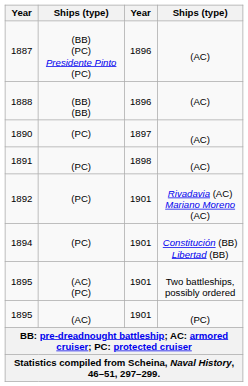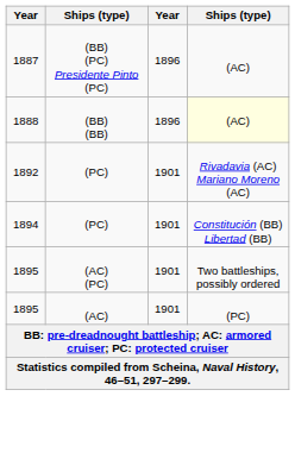 <table class="wikitable plainrowheaders floatright" align="right" style="text-align: center; width:36%; font-size:80%; border:1px solid darkgray;" border="1">
 <tr>
 <th scope="row" style="width:12%;"><div><strong>Year</strong></div></th>
 <th scope="row" style="width:31%;"><div><strong>Ships (type)</strong></div></th>
 <th scope="row" style="width:12%;"><div><strong>Year</strong></div></th>
 <th scope="row" style="width:31%;"><div><strong>Ships (type)</strong></div></th>
 </tr>
 <tr>
 <td>1887 </td>
 <td><br> (BB)<br>  (PC)<br> <a href='#'><em>Presidente Pinto</em></a> (PC)<br></td>
 <td>1896 </td>
 <td><br> (AC)<br></td>
 </tr>
 <tr>
 <td>1888 </td>
 <td><br> (BB)<br>  (BB)</td>
 <td>1896 </td>
-<td> (AC)</td>
-</tr>
-<tr>
-<td>1890 </td>
-<td> (PC)</td>
-<td>1897 </td>
-<td><br> (AC)</td>
-</tr>
-<tr>
-<td>1891 </td>
-<td><br> (PC)<br></td>
-<td>1898 </td>
-<td><br> (AC)</td>
+<td style="background: lightyellow;"> (AC)</td>
 </tr>
 <tr>
 <td>1892 </td>
 <td> (PC)</td>
 <td>1901 </td>
 <td><br><a href='#'><em>Rivadavia</em></a> (AC)<br> <a href='#'><em>Mariano Moreno</em></a> (AC)</td>
 </tr>
 <tr>
 <td>1894 </td>
 <td> (PC)</td>
 <td>1901 </td>
 <td><br><a href='#'><em>Constitución</em></a> (BB)<br> <a href='#'><em>Libertad</em></a> (BB)</td>
 </tr>
 <tr>
 <td>1895 </td>
 <td><br> (AC)<br>  (PC)<br></td>
 <td>1901 </td>
 <td><br>Two battleships,<br>possibly ordered</td>
 </tr>
 <tr>
 <td>1895 </td>
 <td><br> (AC)</td>
 <td>1901 </td>
 <td><br> (PC)</td>
 </tr>
 <tr>
 <th scope="row" colspan="4"><div>BB: <a href='#'>pre-dreadnought battleship</a>; AC: <a href='#'>armored cruiser</a>; PC: <a href='#'>protected cruiser</a></div></th>
 </tr>
 <tr>
 <th scope="row" colspan="4"><div>Statistics compiled from Scheina, <em>Naval History</em>, 46–51, 297–299.</div></th>
 </tr>
 </table>
